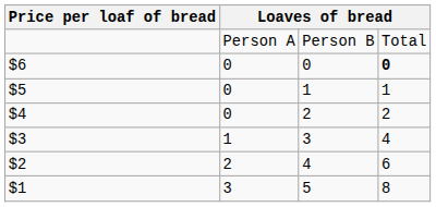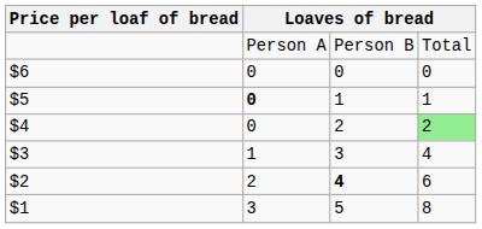 <table class="wikitable">
 <tr>
 <th>Price per loaf of bread</th>
 <th colspan="3">Loaves of bread</th>
 </tr>
 <tr>
 <td></td>
 <td>Person A</td>
 <td>Person B</td>
 <td>Total</td>
 </tr>
 <tr>
 <td>$6</td>
 <td>0</td>
 <td>0</td>
-<td><strong>0</strong></td>
+<td>0</td>
 </tr>
 <tr>
 <td>$5</td>
-<td>0</td>
+<td><strong>0</strong></td>
 <td>1</td>
 <td>1</td>
 </tr>
 <tr>
 <td>$4</td>
 <td>0</td>
 <td>2</td>
-<td>2</td>
+<td style="background: lightgreen;">2</td>
 </tr>
 <tr>
 <td>$3</td>
 <td>1</td>
 <td>3</td>
 <td>4</td>
 </tr>
 <tr>
 <td>$2</td>
 <td>2</td>
-<td>4</td>
+<td><strong>4</strong></td>
 <td>6</td>
 </tr>
 <tr>
 <td>$1</td>
 <td>3</td>
 <td>5</td>
 <td>8</td>
 </tr>
 </table>
